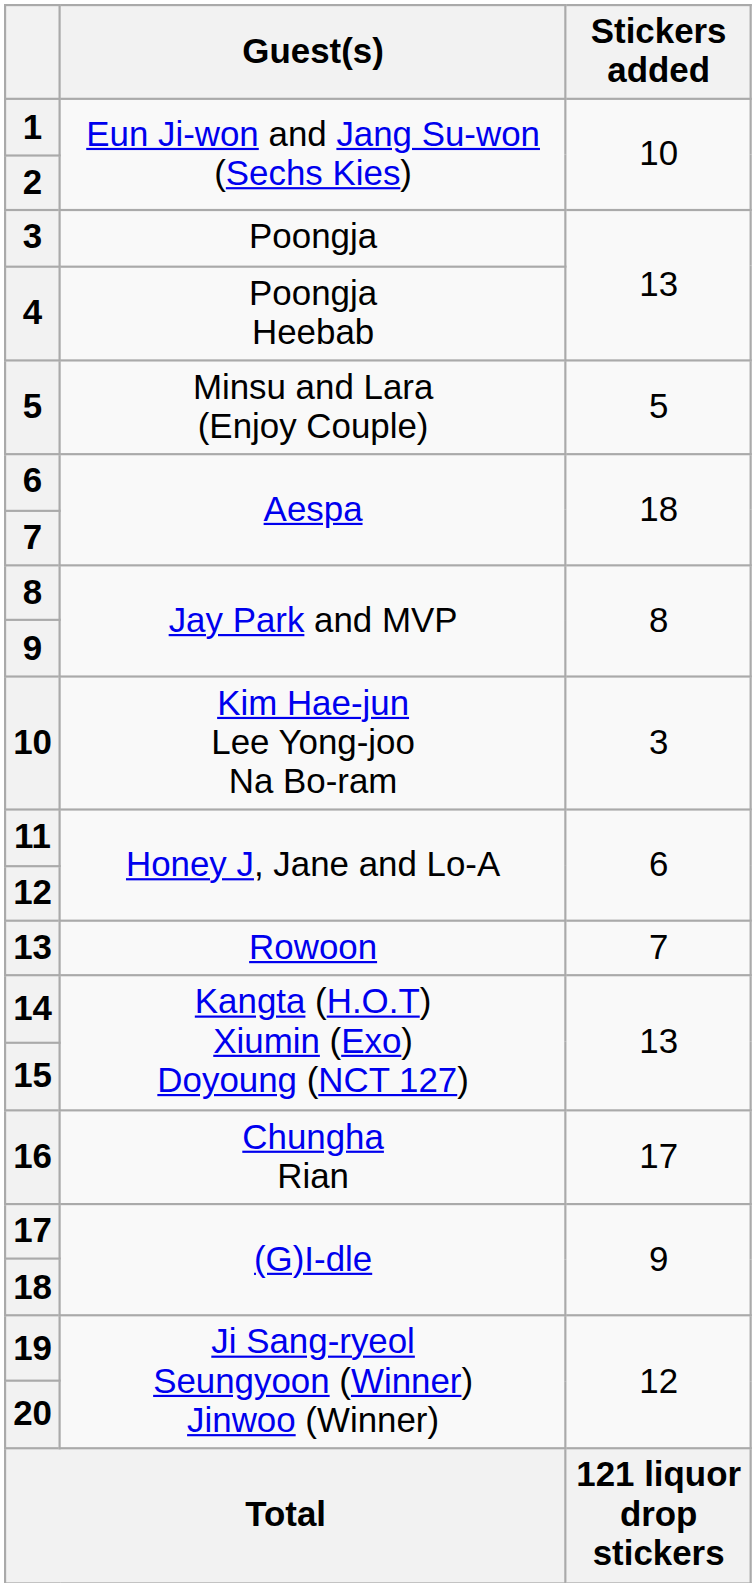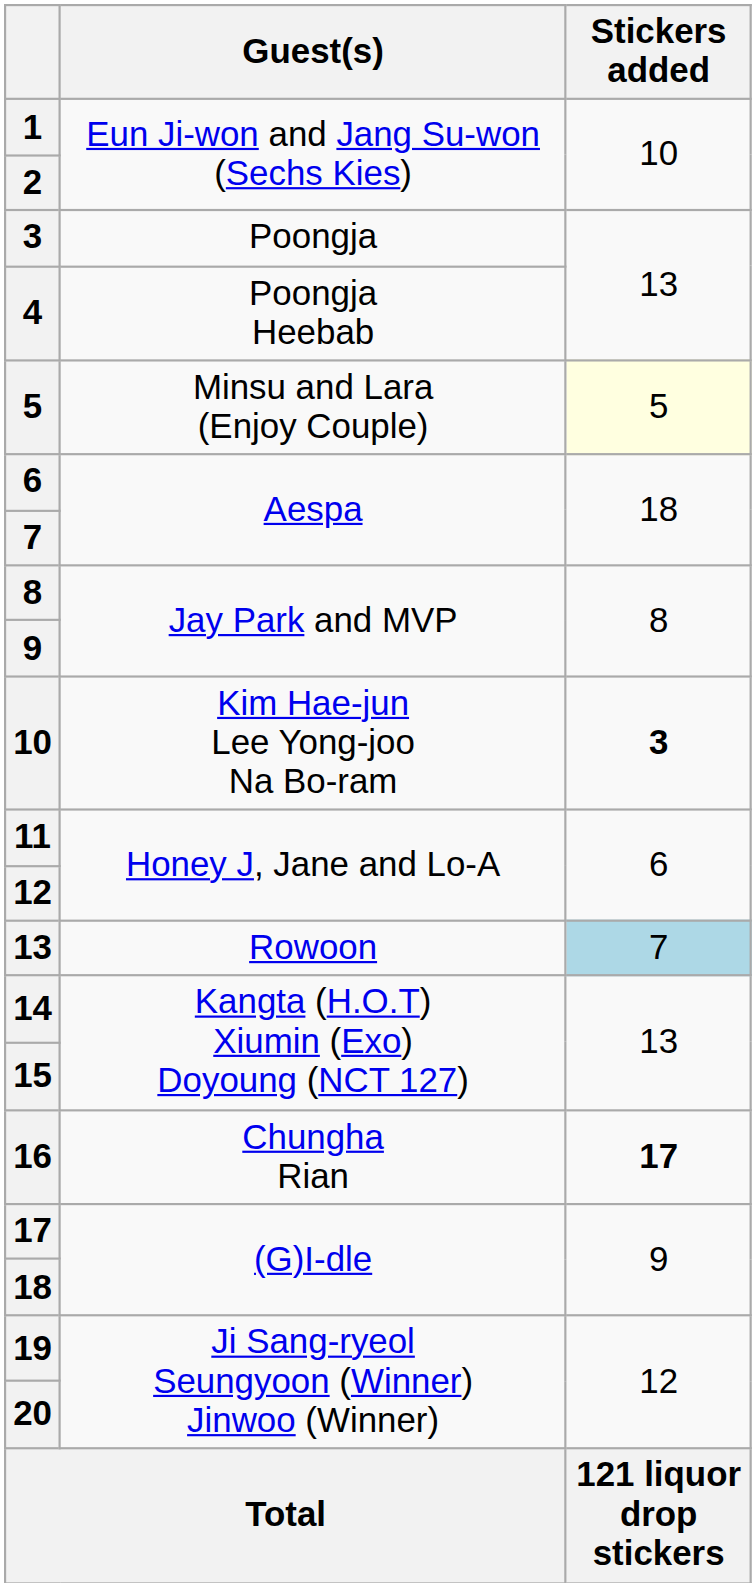 <table Class ="wikitable sortable" style="text-align:center; clear:both; text-align:center; width:55%">
 <tr>
 <th scope="col" style="width: 5%;"></th>
 <th scope="col" style="width: 70%;">Guest(s)</th>
 <th scope="col" style="width: 25%;">Stickers added</th>
 </tr>
 <tr>
 <th scope="row">1</th>
 <td rowspan="2"><a href='#'>Eun Ji-won</a>  and <a href='#'>Jang Su-won</a><br>(<a href='#'>Sechs Kies</a>)</td>
 <td rowspan="2">10</td>
 </tr>
 <tr>
 <th scope="row">2</th>
 </tr>
 <tr>
 <th scope="row">3</th>
 <td>Poongja</td>
 <td rowspan="2">13</td>
 </tr>
 <tr>
 <th scope="row">4</th>
 <td>Poongja<br>Heebab</td>
 </tr>
 <tr>
 <th scope="row">5</th>
 <td>Minsu and Lara<br>(Enjoy Couple)</td>
-<td>5</td>
+<td style="background: lightyellow;">5</td>
 </tr>
 <tr>
 <th scope="row">6</th>
 <td rowspan="2"><a href='#'>Aespa</a></td>
 <td rowspan="2">18</td>
 </tr>
 <tr>
 <th scope="row">7</th>
 </tr>
 <tr>
 <th scope="row">8</th>
 <td rowspan="2"><a href='#'>Jay Park</a> and MVP</td>
 <td rowspan="2">8</td>
 </tr>
 <tr>
 <th scope="row">9</th>
 </tr>
 <tr>
 <th scope="row">10</th>
 <td><a href='#'>Kim Hae-jun</a><br> Lee Yong-joo<br>Na Bo-ram</td>
-<td>3</td>
+<td><strong>3</strong></td>
 </tr>
 <tr>
 <th scope="row">11</th>
 <td rowspan="2"><a href='#'>Honey J</a>, Jane and Lo-A</td>
 <td rowspan="2">6</td>
 </tr>
 <tr>
 <th scope="row">12</th>
 </tr>
 <tr>
 <th scope="row">13</th>
 <td><a href='#'>Rowoon</a></td>
-<td>7</td>
+<td style="background: lightblue;">7</td>
 </tr>
 <tr>
 <th scope="row">14</th>
 <td rowspan="2"><a href='#'>Kangta</a> (<a href='#'>H.O.T</a>)<br><a href='#'>Xiumin</a> (<a href='#'>Exo</a>)<br><a href='#'>Doyoung</a> (<a href='#'>NCT 127</a>)</td>
 <td rowspan="2">13</td>
 </tr>
 <tr>
 <th scope="row">15</th>
 </tr>
 <tr>
 <th scope="row">16</th>
 <td><a href='#'>Chungha</a><br>Rian</td>
-<td>17</td>
+<td><strong>17</strong></td>
 </tr>
 <tr>
 <th scope="row">17</th>
 <td rowspan="2"><a href='#'>(G)I-dle</a></td>
 <td rowspan="2">9</td>
 </tr>
 <tr>
 <th scope="row">18</th>
 </tr>
 <tr>
 <th scope="row">19</th>
 <td rowspan="2"><a href='#'>Ji Sang-ryeol</a> <br> <a href='#'>Seungyoon</a> (<a href='#'>Winner</a>)<br> <a href='#'>Jinwoo</a> (Winner)</td>
 <td rowspan="2">12</td>
 </tr>
 <tr>
 <th scope="row">20</th>
 </tr>
 <tr>
 <th colspan="2">Total</th>
 <th>121 liquor drop stickers</th>
 </tr>
 </table>
